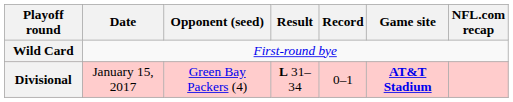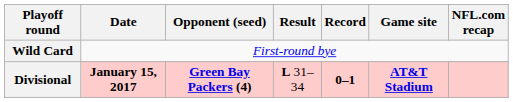 <table class="wikitable" style="text-align:center">
 <tr>
 <th>Playoff round</th>
 <th>Date</th>
 <th>Opponent (seed)</th>
 <th>Result</th>
 <th>Record</th>
 <th>Game site</th>
 <th>NFL.com<br>recap</th>
 </tr>
 <tr>
 <th>Wild Card</th>
 <td colspan=8><em><a href='#'>First-round bye</a></em></td>
 </tr>
 <tr style="background:#fcc">
 <th>Divisional</th>
-<td>January 15, 2017</td>
-<td><a href='#'>Green Bay Packers</a> (4)</td>
+<td><strong>January 15, 2017</strong></td>
+<td><strong><a href='#'>Green Bay Packers</a> (4)</strong></td>
 <td><strong>L</strong> 31–34</td>
-<td>0–1</td>
+<td><strong>0–1</strong></td>
 <td><strong><a href='#'>AT&T Stadium</a></strong></td>
 <td></td>
 </tr>
 </table>
